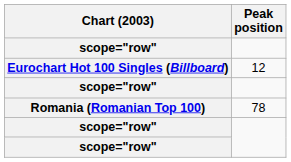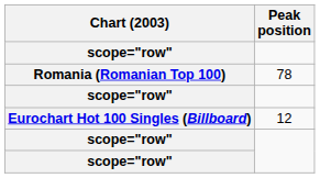 <table class="wikitable sortable plainrowheaders" style="text-align:center">
 <tr>
 <th scope="col">Chart (2003)</th>
 <th scope="col">Peak<br>position</th>
+</tr>
+<tr>
+<th>scope="row"</th>
+</tr>
+<tr>
+<th scope="row">Romania (<a href='#'>Romanian Top 100</a>)</th>
+<td>78</td>
 </tr>
 <tr>
 <th>scope="row"</th>
 </tr>
 <tr>
 <th scope="row"><a href='#'>Eurochart Hot 100 Singles</a> (<em><a href='#'>Billboard</a></em>)</th>
 <td>12</td>
 </tr>
 <tr>
 <th>scope="row"</th>
 </tr>
 <tr>
-<th scope="row">Romania (<a href='#'>Romanian Top 100</a>)</th>
-<td>78</td>
-</tr>
-<tr>
-<th>scope="row"</th>
-</tr>
-<tr>
 <th>scope="row"</th>
 </tr>
 </table>
